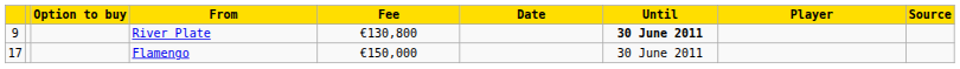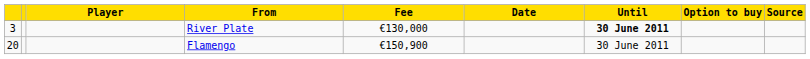 <table class="wikitable sortable">
 <tr>
 <th style="background:#FFDE00"></th>
 <th style="background:#FFDE00"></th>
-<th style="background:#FFDE00">Option to buy</th>
+<th width=200 style="background:#FFDE00">Player</th>
 <th width=200 style="background:#FFDE00">From</th>
 <th width=150 style="background:#FFDE00">Fee</th>
 <th width=150 style="background:#FFDE00">Date</th>
 <th width=120 style="background:#FFDE00">Until</th>
-<th width=200 style="background:#FFDE00">Player</th>
+<th style="background:#FFDE00">Option to buy</th>
 <th style="background:#FFDE00">Source</th>
 </tr>
 <tr>
-<td align=center>9</td>
+<td align=center>3</td>
 <td align=center></td>
-<td align=center></td>
+<td></td>
 <td> <a href='#'>River Plate</a></td>
-<td align=center>€130,800</td>
+<td align=center>€130,000</td>
 <td align=center></td>
 <td align=center><strong>30 June 2011</strong></td>
-<td></td>
+<td align=center></td>
 <td align=center></td>
 </tr>
 <tr>
-<td align=center>17</td>
+<td align=center>20</td>
 <td align=center></td>
-<td align=center></td>
+<td></td>
 <td> <a href='#'>Flamengo</a></td>
-<td align=center>€150,000</td>
+<td align=center>€150,900</td>
 <td align=center></td>
 <td align=center>30 June 2011</td>
-<td></td>
+<td align=center></td>
 <td align=center></td>
 </tr>
 </table>
